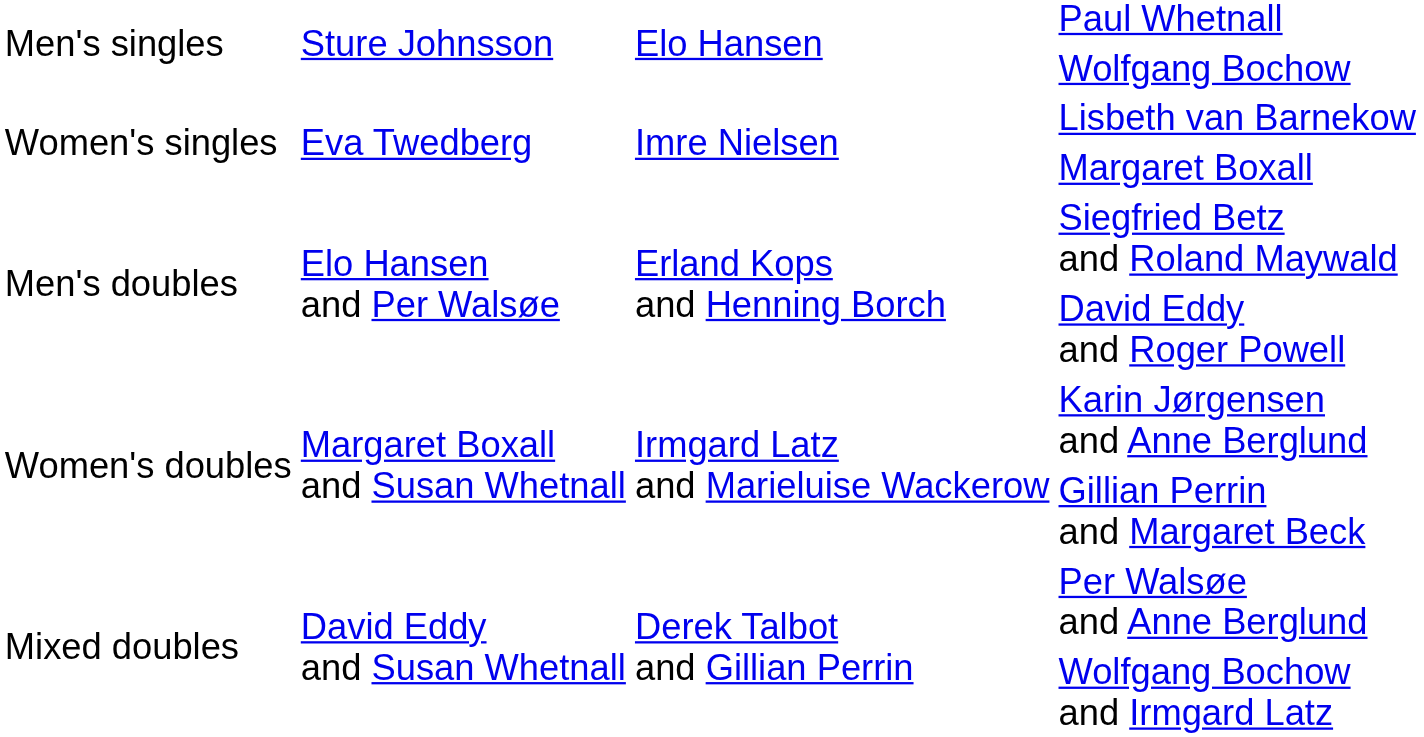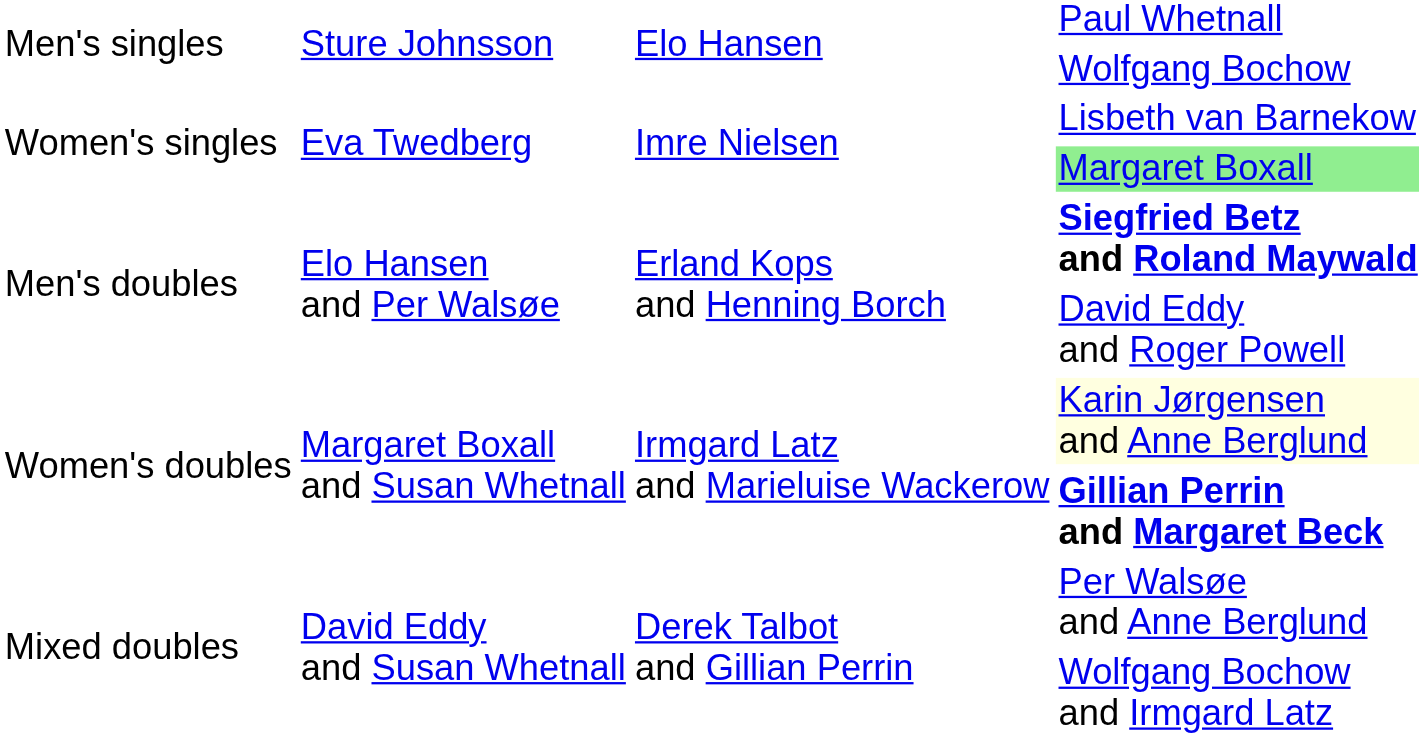 <table>
 <tr>
 <td rowspan=2>Men's singles</td>
 <td rowspan=2> <a href='#'>Sture Johnsson</a></td>
 <td rowspan=2> <a href='#'>Elo Hansen</a></td>
 <td> <a href='#'>Paul Whetnall</a></td>
 </tr>
 <tr>
 <td> <a href='#'>Wolfgang Bochow</a></td>
 </tr>
 <tr>
 <td rowspan=2>Women's singles</td>
 <td rowspan=2> <a href='#'>Eva Twedberg</a></td>
 <td rowspan=2> <a href='#'>Imre Nielsen</a></td>
 <td> <a href='#'>Lisbeth van Barnekow</a></td>
 </tr>
 <tr>
-<td> <a href='#'>Margaret Boxall</a></td>
+<td style="background: lightgreen;"> <a href='#'>Margaret Boxall</a></td>
 </tr>
 <tr>
 <td rowspan=2>Men's doubles</td>
 <td rowspan=2> <a href='#'>Elo Hansen</a><br>and <a href='#'>Per Walsøe</a></td>
 <td rowspan=2> <a href='#'>Erland Kops</a><br>and <a href='#'>Henning Borch</a></td>
-<td> <a href='#'>Siegfried Betz</a><br>and <a href='#'>Roland Maywald</a></td>
+<td><strong> <a href='#'>Siegfried Betz</a><br>and <a href='#'>Roland Maywald</a></strong></td>
 </tr>
 <tr>
 <td> <a href='#'>David Eddy</a><br>and <a href='#'>Roger Powell</a></td>
 </tr>
 <tr>
 <td rowspan=2>Women's doubles</td>
 <td rowspan=2> <a href='#'>Margaret Boxall</a><br>and <a href='#'>Susan Whetnall</a></td>
 <td rowspan=2> <a href='#'>Irmgard Latz</a><br>and <a href='#'>Marieluise Wackerow</a></td>
-<td> <a href='#'>Karin Jørgensen</a><br>and <a href='#'>Anne Berglund</a></td>
+<td style="background: lightyellow;"> <a href='#'>Karin Jørgensen</a><br>and <a href='#'>Anne Berglund</a></td>
 </tr>
 <tr>
-<td> <a href='#'>Gillian Perrin</a><br>and <a href='#'>Margaret Beck</a></td>
+<td><strong> <a href='#'>Gillian Perrin</a><br>and <a href='#'>Margaret Beck</a></strong></td>
 </tr>
 <tr>
 <td rowspan=2>Mixed doubles</td>
 <td rowspan=2> <a href='#'>David Eddy</a><br>and <a href='#'>Susan Whetnall</a></td>
 <td rowspan=2> <a href='#'>Derek Talbot</a><br>and <a href='#'>Gillian Perrin</a></td>
 <td> <a href='#'>Per Walsøe</a><br>and <a href='#'>Anne Berglund</a></td>
 </tr>
 <tr>
 <td> <a href='#'>Wolfgang Bochow</a><br>and <a href='#'>Irmgard Latz</a></td>
 </tr>
 </table>
